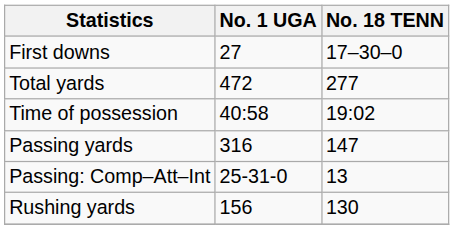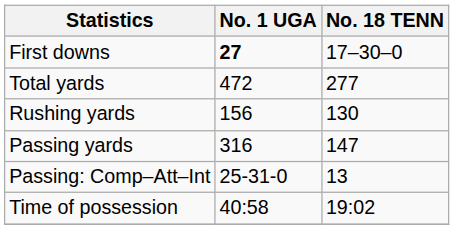 <table class="wikitable" style="float: left;">
 <tr>
 <th>Statistics</th>
 <th>No. 1 UGA</th>
 <th>No. 18 TENN</th>
 </tr>
 <tr>
 <td>First downs</td>
-<td>27</td>
+<td><strong>27</strong></td>
 <td>17–30–0</td>
 </tr>
 <tr>
 <td>Total yards</td>
 <td>472</td>
 <td>277</td>
 </tr>
 <tr>
-<td>Time of possession</td>
-<td>40:58</td>
-<td>19:02</td>
+<td>Rushing yards</td>
+<td>156</td>
+<td>130</td>
 </tr>
 <tr>
 <td>Passing yards</td>
 <td>316</td>
 <td>147</td>
 </tr>
 <tr>
 <td>Passing: Comp–Att–Int</td>
 <td>25-31-0</td>
 <td>13</td>
 </tr>
 <tr>
-<td>Rushing yards</td>
-<td>156</td>
-<td>130</td>
+<td>Time of possession</td>
+<td>40:58</td>
+<td>19:02</td>
 </tr>
 <tr>
 </tr>
 </table>
